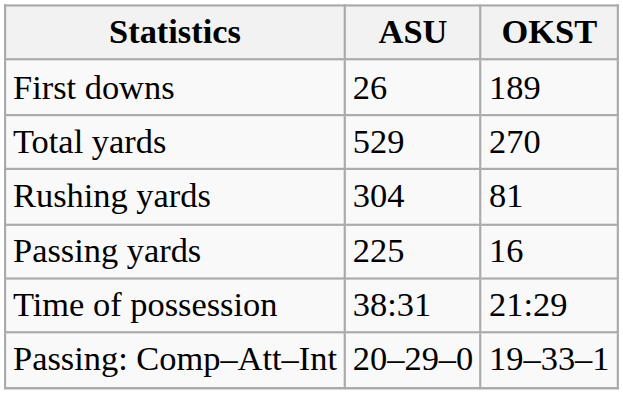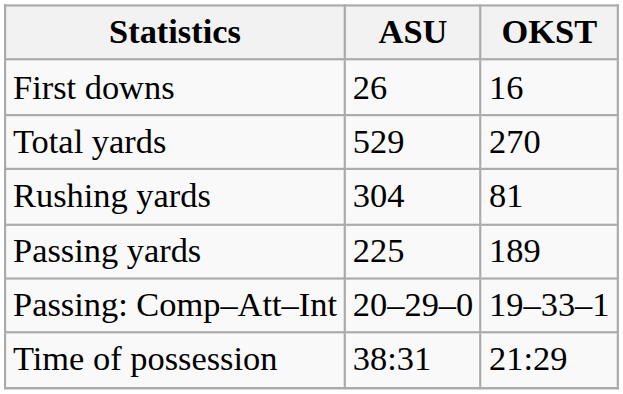 <table class="wikitable" style="float: left;">
 <tr>
 <th>Statistics</th>
 <th>ASU</th>
 <th>OKST</th>
 </tr>
 <tr>
 <td>First downs</td>
 <td>26</td>
-<td>189</td>
+<td>16</td>
 </tr>
 <tr>
 <td>Total yards</td>
 <td>529</td>
 <td>270</td>
 </tr>
 <tr>
 <td>Rushing yards</td>
 <td>304</td>
 <td>81</td>
 </tr>
 <tr>
 <td>Passing yards</td>
 <td>225</td>
-<td>16</td>
+<td>189</td>
+</tr>
+<tr>
+<td>Passing: Comp–Att–Int</td>
+<td>20–29–0</td>
+<td>19–33–1</td>
 </tr>
 <tr>
 <td>Time of possession</td>
 <td>38:31</td>
 <td>21:29</td>
 </tr>
 <tr>
-<td>Passing: Comp–Att–Int</td>
-<td>20–29–0</td>
-<td>19–33–1</td>
-</tr>
-<tr>
 </tr>
 </table>
